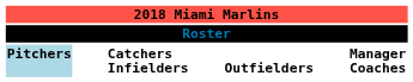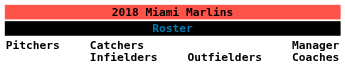 <table class="toccolours" style="font-size:95%;">
 <tr>
 <th colspan="10" style="background-color:#FF5349;color:black;">2018 Miami Marlins</th>
 </tr>
 <tr>
 <th colspan="10" style="background-color:black;color:#007BB2;">Roster</th>
 </tr>
 <tr>
-<td valign="top" style="background: lightblue;"><strong>Pitchers</strong><br>                           </td>
+<td valign="top"><strong>Pitchers</strong><br>                           </td>
 <td style="width:25px;"></td>
 <td valign="top"><strong>Catchers</strong><br>    <strong>Infielders</strong>        </td>
 <td style="width:25px;"></td>
 <td valign="top"><br><strong>Outfielders</strong>           </td>
 <td style="width:25px;"></td>
 <td valign="top"><strong>Manager</strong><br> <strong>Coaches</strong>                    </td>
 </tr>
 </table>
